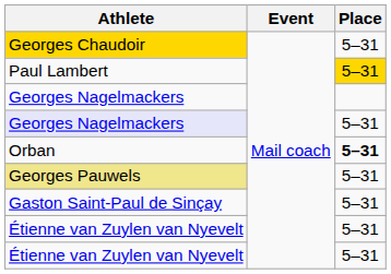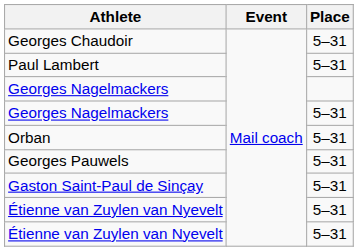 <table class="wikitable sortable" style="text-align:center; font-size:90%">
 <tr>
 <th>Athlete</th>
 <th>Event</th>
 <th>Place</th>
 </tr>
 <tr>
-<td align=left style="background: gold;">Georges Chaudoir</td>
+<td align=left>Georges Chaudoir</td>
 <td rowspan="9" align="left"><a href='#'>Mail coach</a></td>
 <td>5–31</td>
 </tr>
 <tr>
 <td align=left>Paul Lambert</td>
-<td style="background: gold;">5–31</td>
+<td>5–31</td>
 </tr>
 <tr>
 <td align=left><a href='#'>Georges Nagelmackers</a></td>
 <td></td>
 </tr>
 <tr>
-<td align=left style="background: lavender;"><a href='#'>Georges Nagelmackers</a></td>
+<td align=left><a href='#'>Georges Nagelmackers</a></td>
 <td>5–31</td>
 </tr>
 <tr>
 <td align=left>Orban</td>
-<td><strong>5–31</strong></td>
+<td>5–31</td>
 </tr>
 <tr>
-<td align=left style="background: khaki;">Georges Pauwels</td>
+<td align=left>Georges Pauwels</td>
 <td>5–31</td>
 </tr>
 <tr>
 <td align=left><a href='#'>Gaston Saint-Paul de Sinçay</a></td>
 <td>5–31</td>
 </tr>
 <tr>
 <td align=left><a href='#'>Étienne van Zuylen van Nyevelt</a></td>
 <td>5–31</td>
 </tr>
 <tr>
 <td align=left><a href='#'>Étienne van Zuylen van Nyevelt</a></td>
 <td>5–31</td>
 </tr>
 </table>
